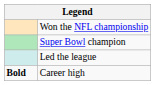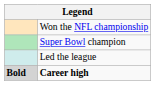 <table class="wikitable mw-collapsible">
 <tr>
 <th colspan="2">Legend</th>
 </tr>
 <tr>
 <td style="background:#ffe6bd; width:3em;"></td>
 <td>Won the <a href='#'>NFL championship</a></td>
 </tr>
 <tr>
 <td style="background:#afe6ba; width:3em;"></td>
 <td><a href='#'>Super Bowl</a> champion</td>
 </tr>
 <tr>
 <td style="background:#cfecec; width:3em;"></td>
 <td>Led the league</td>
 </tr>
 <tr>
-<td><strong>Bold</strong></td>
-<td>Career high</td>
+<td style="background: lightgrey;"><strong>Bold</strong></td>
+<td><strong>Career high</strong></td>
 </tr>
 </table>
